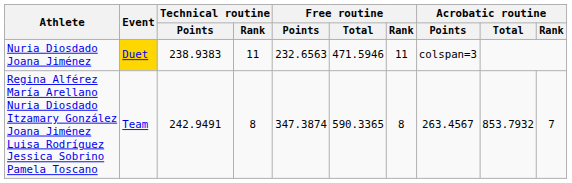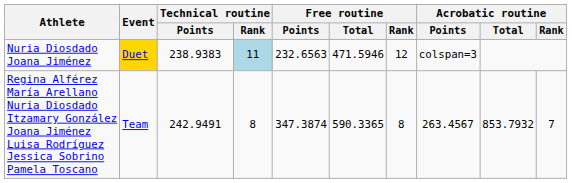 <table class="wikitable" style="font-size:90%">
 <tr>
 <th rowspan="2">Athlete</th>
 <th rowspan="2">Event</th>
 <th colspan=2>Technical routine</th>
 <th colspan=3>Free routine</th>
 <th colspan=3>Acrobatic routine</th>
 </tr>
 <tr style="font-size:95%">
 <th>Points</th>
 <th>Rank</th>
 <th>Points</th>
 <th>Total</th>
 <th>Rank</th>
 <th>Points</th>
 <th>Total</th>
 <th>Rank</th>
 </tr>
 <tr align=center>
 <td align=left><a href='#'>Nuria Diosdado</a><br><a href='#'>Joana Jiménez</a></td>
 <td align=left style="background: gold;"><a href='#'>Duet</a></td>
 <td>238.9383</td>
-<td>11</td>
+<td style="background: lightblue;">11</td>
 <td>232.6563</td>
 <td>471.5946</td>
-<td>11</td>
+<td>12</td>
 <td>colspan=3 </td>
 </tr>
 <tr align=center>
 <td align=left><a href='#'>Regina Alférez</a><br><a href='#'>María Arellano</a><br><a href='#'>Nuria Diosdado</a><br><a href='#'>Itzamary González</a><br><a href='#'>Joana Jiménez</a><br><a href='#'>Luisa Rodríguez</a><br><a href='#'>Jessica Sobrino</a><br><a href='#'>Pamela Toscano</a></td>
 <td align=left><a href='#'>Team</a></td>
 <td>242.9491</td>
 <td>8</td>
 <td>347.3874</td>
 <td>590.3365</td>
 <td>8</td>
 <td>263.4567</td>
 <td>853.7932</td>
 <td>7</td>
 </tr>
 </table>
